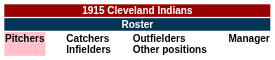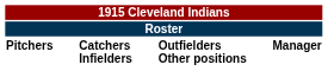 <table class="toccolours" style="font-size: 95%;">
 <tr>
 <th colspan="10" style="background-color: #990000; color: white; text-align: center;">1915 Cleveland Indians</th>
 </tr>
 <tr>
 <td colspan="10" style="background-color: #023456; color: white; text-align: center;"><strong>Roster</strong></td>
 </tr>
 <tr>
-<td valign="top" style="background: pink;"><strong>Pitchers</strong><br>              </td>
+<td valign="top"><strong>Pitchers</strong><br>              </td>
 <td width="25px"></td>
 <td valign="top"><strong>Catchers</strong><br>    <strong>Infielders</strong>           </td>
 <td width="25px"></td>
 <td valign="top"><strong>Outfielders</strong><br>        <strong>Other positions</strong>  </td>
 <td width="25px"></td>
 <td valign="top"><strong>Manager</strong><br> </td>
 </tr>
 </table>
